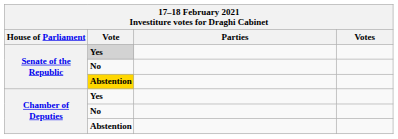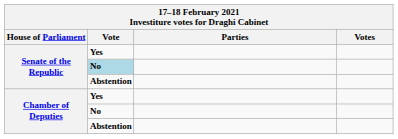 <table class="wikitable" style="font-size:85%;">
 <tr>
 <th colspan="4">17–18 February 2021<br>Investiture votes for Draghi Cabinet</th>
 </tr>
 <tr>
 <th width="120">House of <a href='#'>Parliament</a></th>
 <th width="60">Vote</th>
 <th width="300">Parties</th>
 <th width="80" align="center">Votes</th>
 </tr>
 <tr>
 <th rowspan="3"><a href='#'>Senate of the Republic</a><br></th>
-<td style="background: lightgrey;"> <strong>Yes</strong></td>
+<td> <strong>Yes</strong></td>
 <td></td>
 <td></td>
 </tr>
 <tr>
-<td> <strong>No</strong></td>
+<td style="background: lightblue;"> <strong>No</strong></td>
 <td></td>
 <td></td>
 </tr>
 <tr>
-<td style="background: gold;"><strong>Abstention</strong></td>
+<td><strong>Abstention</strong></td>
 <td></td>
 <td></td>
 </tr>
 <tr>
 <th rowspan="3"><a href='#'>Chamber of Deputies</a><br></th>
 <td> <strong>Yes</strong></td>
 <td></td>
 <td></td>
 </tr>
 <tr>
 <td> <strong>No</strong></td>
 <td></td>
 <td></td>
 </tr>
 <tr>
 <td><strong>Abstention</strong></td>
 <td></td>
 <td></td>
 </tr>
 </table>
